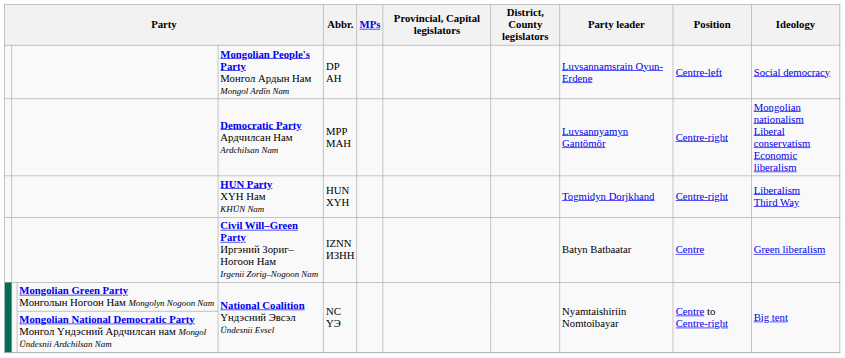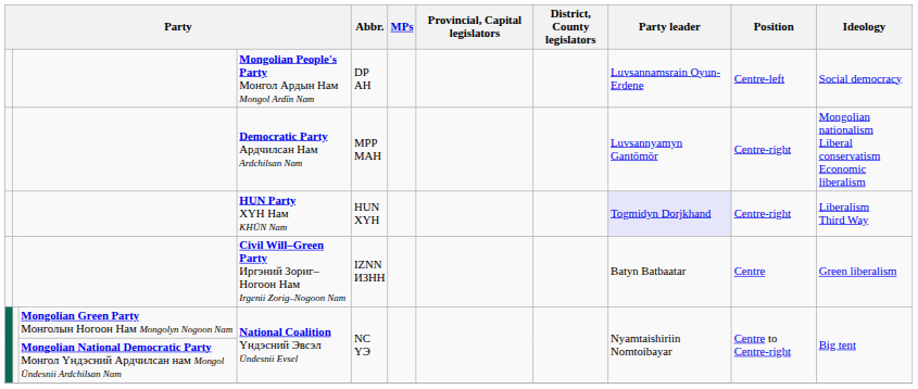 <table class="wikitable">
 <tr>
 <th colspan="4">Party</th>
 <th>Abbr.</th>
 <th><a href='#'>MPs</a></th>
 <th>Provincial, Capital legislators</th>
 <th>District, County<br>legislators</th>
 <th>Party leader</th>
 <th>Position</th>
 <th>Ideology</th>
 </tr>
 <tr>
 <td style="background: "> </td>
 <td colspan="2"></td>
 <td><strong><a href='#'>Mongolian People's Party</a></strong><br>Монгол Ардын Нам<br><small><em>Mongol Ardīn Nam</em></small></td>
 <td>DP<br>АН</td>
 <td></td>
 <td></td>
 <td></td>
 <td><a href='#'>Luvsannamsrain Oyun-Erdene</a></td>
 <td><a href='#'>Centre-left</a></td>
 <td><a href='#'>Social democracy</a></td>
 </tr>
 <tr>
 <td style="background: "> </td>
 <td colspan="2"></td>
 <td><strong><a href='#'>Democratic Party</a></strong><br>Ардчилсан Нам<br><small><em>Ardchilsan Nam</em></small></td>
 <td>MPP<br>МАН</td>
 <td></td>
 <td></td>
 <td></td>
 <td><a href='#'>Luvsannyamyn Gantömör</a></td>
 <td><a href='#'>Centre-right</a></td>
 <td><a href='#'>Mongolian nationalism</a><br><a href='#'>Liberal conservatism</a><br><a href='#'>Economic liberalism</a></td>
 </tr>
 <tr>
 <td style="background: "> </td>
 <td colspan="2"></td>
 <td><strong><a href='#'>HUN Party</a></strong><br>ХҮН Нам<br><small><em>KHÜN Nam</em></small></td>
 <td>HUN<br>ХҮН</td>
 <td></td>
 <td></td>
 <td></td>
-<td><a href='#'>Togmidyn Dorjkhand</a></td>
+<td style="background: lavender;"><a href='#'>Togmidyn Dorjkhand</a></td>
 <td><a href='#'>Centre-right</a></td>
 <td><a href='#'>Liberalism</a><br><a href='#'>Third Way</a></td>
 </tr>
 <tr>
 <td style="background: "> </td>
 <td colspan="2"></td>
 <td><strong><a href='#'>Civil Will–Green Party</a></strong><br>Иргэний Зориг–Ногоон Нам<br><em><small>Irgenii Zorig–Nogoon Nam</small></em></td>
 <td>IZNN<br>ИЗНН</td>
 <td></td>
 <td></td>
 <td></td>
 <td>Batyn Batbaatar</td>
 <td><a href='#'>Centre</a></td>
 <td><a href='#'>Green liberalism</a></td>
 </tr>
 <tr>
 <td rowspan="2" style="background: #066B55"></td>
 <td rowspan="2"></td>
 <td><strong><a href='#'>Mongolian Green Party</a></strong><br>Монголын Ногоон Нам <small><em>Mongolyn Nogoon Nam</em></small></td>
 <td rowspan="2"><strong><a href='#'>National Coalition</a></strong><br>Үндэсний Эвсэл<br><small><em>Ündesnii Evsel</em></small></td>
 <td rowspan="2">NC<br>ҮЭ</td>
 <td rowspan="2"></td>
 <td rowspan="2"></td>
 <td rowspan="2"></td>
 <td rowspan="2">Nyamtaishiriin Nomtoibayar</td>
 <td rowspan="2"><a href='#'>Centre</a> to <a href='#'>Centre-right</a></td>
 <td rowspan="2"><a href='#'>Big tent</a></td>
 </tr>
 <tr>
 <td><a href='#'><strong>Mongolian National Democratic Party</strong></a><br>Монгол Үндэсний Ардчилсан нам <small><em>Mongol Ündesnii Ardchilsan Nam</em></small></td>
 </tr>
 <tr>
 </tr>
 </table>
